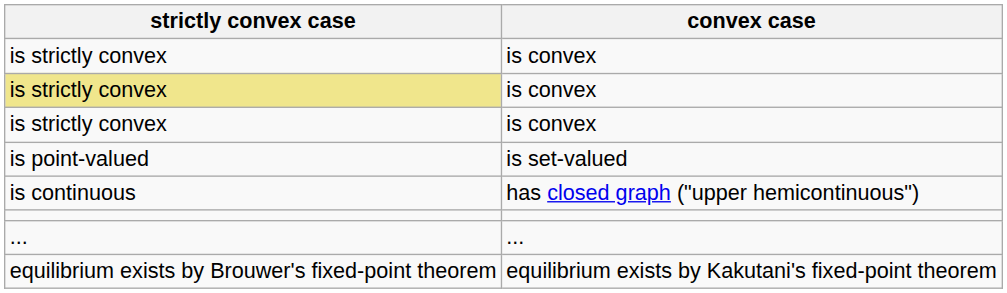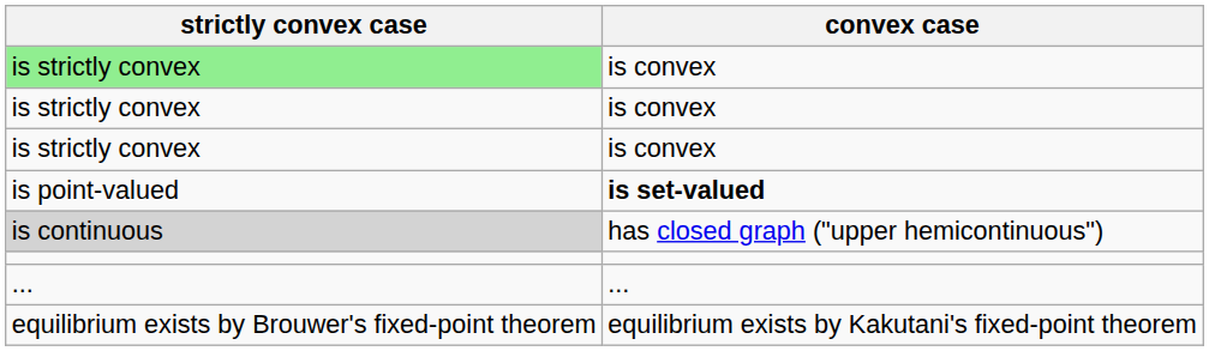 <table class="wikitable">
 <tr>
 <th>strictly convex case</th>
 <th>convex case</th>
 </tr>
 <tr>
-<td> is strictly convex</td>
+<td style="background: lightgreen;"> is strictly convex</td>
 <td> is convex</td>
 </tr>
 <tr>
-<td style="background: khaki;"> is strictly convex</td>
+<td> is strictly convex</td>
 <td> is convex</td>
 </tr>
 <tr>
 <td> is strictly convex</td>
 <td> is convex</td>
 </tr>
 <tr>
 <td> is point-valued</td>
-<td> is set-valued</td>
+<td><strong> is set-valued</strong></td>
 </tr>
 <tr>
-<td> is continuous</td>
+<td style="background: lightgrey;"> is continuous</td>
 <td> has <a href='#'>closed graph</a> ("upper hemicontinuous")</td>
 </tr>
 <tr>
 <td></td>
 <td></td>
 </tr>
 <tr>
 <td>...</td>
 <td>...</td>
 </tr>
 <tr>
 <td>equilibrium exists by Brouwer's fixed-point theorem</td>
 <td>equilibrium exists by Kakutani's fixed-point theorem</td>
 </tr>
 </table>
